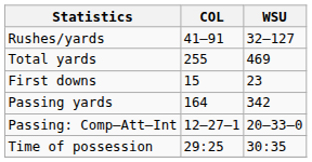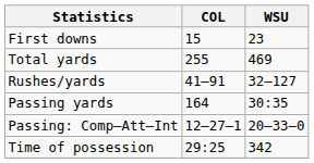 <table class="wikitable" style="float: left;">
 <tr>
 <th>Statistics</th>
 <th>COL</th>
 <th>WSU</th>
 </tr>
 <tr>
-<td>Rushes/yards</td>
-<td>41–91</td>
-<td>32–127</td>
+<td>First downs</td>
+<td>15</td>
+<td>23</td>
 </tr>
 <tr>
 <td>Total yards</td>
 <td>255</td>
 <td>469</td>
 </tr>
 <tr>
-<td>First downs</td>
-<td>15</td>
-<td>23</td>
+<td>Rushes/yards</td>
+<td>41–91</td>
+<td>32–127</td>
 </tr>
 <tr>
 <td>Passing yards</td>
 <td>164</td>
-<td>342</td>
+<td>30:35</td>
 </tr>
 <tr>
 <td>Passing: Comp–Att–Int</td>
 <td>12–27–1</td>
 <td>20–33–0</td>
 </tr>
 <tr>
 <td>Time of possession</td>
 <td>29:25</td>
-<td>30:35</td>
+<td>342</td>
 </tr>
 <tr>
 </tr>
 </table>
